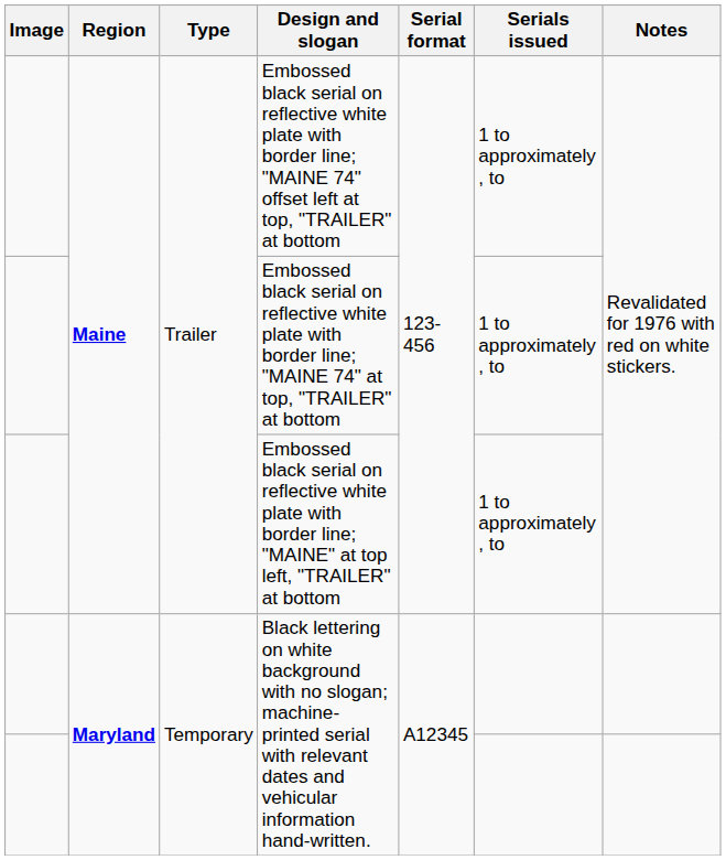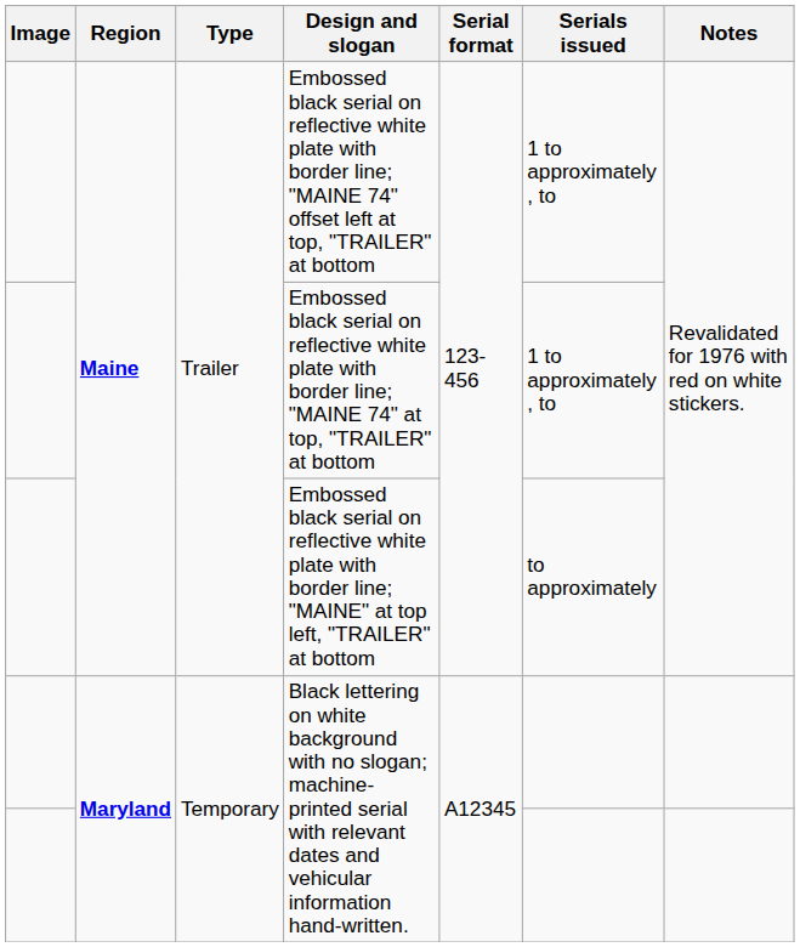 <table class="wikitable">
 <tr>
 <th>Image</th>
 <th>Region</th>
 <th>Type</th>
 <th>Design and slogan</th>
 <th>Serial format</th>
 <th>Serials issued</th>
 <th>Notes</th>
 </tr>
 <tr>
 <td></td>
 <td rowspan="3"><a href='#'><strong>Maine</strong></a></td>
 <td rowspan="3">Trailer</td>
 <td>Embossed black serial on reflective white plate with border line; "MAINE 74" offset left at top, "TRAILER" at bottom</td>
 <td rowspan="3">123-456</td>
 <td>1 to approximately ,  to </td>
 <td rowspan="3">Revalidated for 1976 with red on white stickers.</td>
 </tr>
 <tr>
 <td></td>
 <td>Embossed black serial on reflective white plate with border line; "MAINE 74" at top, "TRAILER" at bottom</td>
 <td>1 to approximately ,  to </td>
 </tr>
 <tr>
 <td></td>
 <td>Embossed black serial on reflective white plate with border line; "MAINE" at top left, "TRAILER" at bottom</td>
-<td>1 to approximately ,  to </td>
+<td> to approximately </td>
 </tr>
 <tr>
 <td></td>
 <td rowspan=2><a href='#'><strong>Maryland</strong></a></td>
 <td rowspan=2>Temporary</td>
 <td rowspan=2>Black lettering on white background with no slogan; machine-printed serial with relevant dates and vehicular information hand-written.</td>
 <td rowspan=2>A12345</td>
 <td></td>
 <td></td>
 </tr>
 <tr>
 <td></td>
 <td></td>
 <td></td>
 </tr>
 </table>
